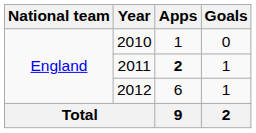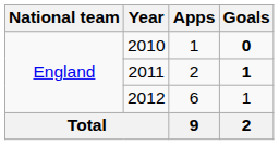 <table class=wikitable style=text-align:center>
 <tr>
 <th>National team</th>
 <th>Year</th>
 <th>Apps</th>
 <th>Goals</th>
 </tr>
 <tr>
 <td rowspan="3"><a href='#'>England</a></td>
 <td>2010</td>
 <td>1</td>
-<td>0</td>
+<td><strong>0</strong></td>
 </tr>
 <tr>
 <td>2011</td>
-<td><strong>2</strong></td>
-<td>1</td>
+<td>2</td>
+<td><strong>1</strong></td>
 </tr>
 <tr>
 <td>2012</td>
 <td>6</td>
 <td>1</td>
 </tr>
 <tr>
 <th colspan="2">Total</th>
 <th>9</th>
 <th>2</th>
 </tr>
 </table>
